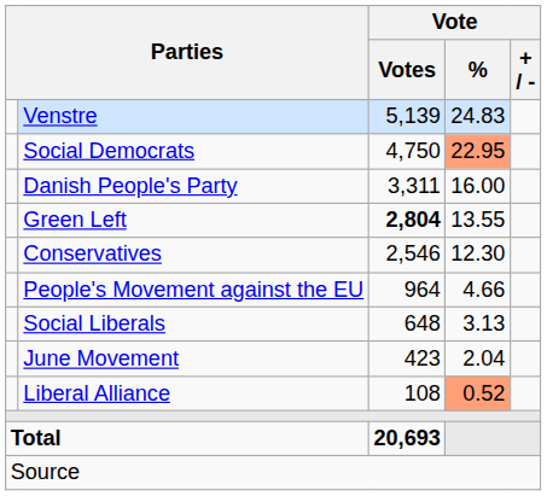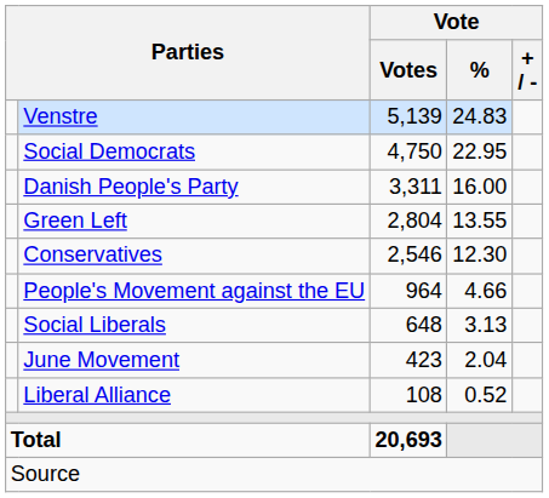 <table class="wikitable" style="text-align:right;">
 <tr>
 <th style="text-align:centre;" rowspan="2" colspan="2" width="225">Parties</th>
 <th colspan="3">Vote</th>
 </tr>
 <tr>
 <th width="15">Votes</th>
 <th width="15">%</th>
 <th width="15">+ / -</th>
 </tr>
 <tr>
 <td width="2" style="color:inherit;background:"></td>
 <td bgcolor=#cfe5fe   align="left"><a href='#'>Venstre</a></td>
 <td bgcolor=#cfe5fe>5,139</td>
 <td bgcolor=#cfe5fe>24.83</td>
 <td></td>
 </tr>
 <tr>
 <td width="2" style="color:inherit;background:"></td>
 <td align="left"><a href='#'>Social Democrats</a></td>
 <td>4,750</td>
-<td style="background: lightsalmon;">22.95</td>
+<td>22.95</td>
 <td></td>
 </tr>
 <tr>
 <td width="2" style="color:inherit;background:"></td>
 <td align="left"><a href='#'>Danish People's Party</a></td>
 <td>3,311</td>
 <td>16.00</td>
 <td></td>
 </tr>
 <tr>
 <td width="2" style="color:inherit;background:"></td>
 <td align="left"><a href='#'>Green Left</a></td>
-<td><strong>2,804</strong></td>
+<td>2,804</td>
 <td>13.55</td>
 <td></td>
 </tr>
 <tr>
 <td width="2" style="color:inherit;background:"></td>
 <td align="left"><a href='#'>Conservatives</a></td>
 <td>2,546</td>
 <td>12.30</td>
 <td></td>
 </tr>
 <tr>
 <td width="2" style="color:inherit;background:"></td>
 <td align="left"><a href='#'>People's Movement against the EU</a></td>
 <td>964</td>
 <td>4.66</td>
 <td></td>
 </tr>
 <tr>
 <td width="2" style="color:inherit;background:"></td>
 <td align="left"><a href='#'>Social Liberals</a></td>
 <td>648</td>
 <td>3.13</td>
 <td></td>
 </tr>
 <tr>
 <td width="2" style="color:inherit;background:"></td>
 <td align="left"><a href='#'>June Movement</a></td>
 <td>423</td>
 <td>2.04</td>
 <td></td>
 </tr>
 <tr>
 <td width="2" style="color:inherit;background:"></td>
 <td align="left"><a href='#'>Liberal Alliance</a></td>
 <td>108</td>
-<td style="background: lightsalmon;">0.52</td>
+<td>0.52</td>
 <td></td>
 </tr>
 <tr>
 <td colspan="7" bgcolor="#E9E9E9"></td>
 </tr>
 <tr>
 <td align="left" colspan="2"><strong>Total</strong></td>
 <td><strong>20,693</strong></td>
 <td bgcolor="#E9E9E9" colspan="2"></td>
 </tr>
 <tr>
 <td align="left" colspan="6">Source</td>
 </tr>
 </table>
